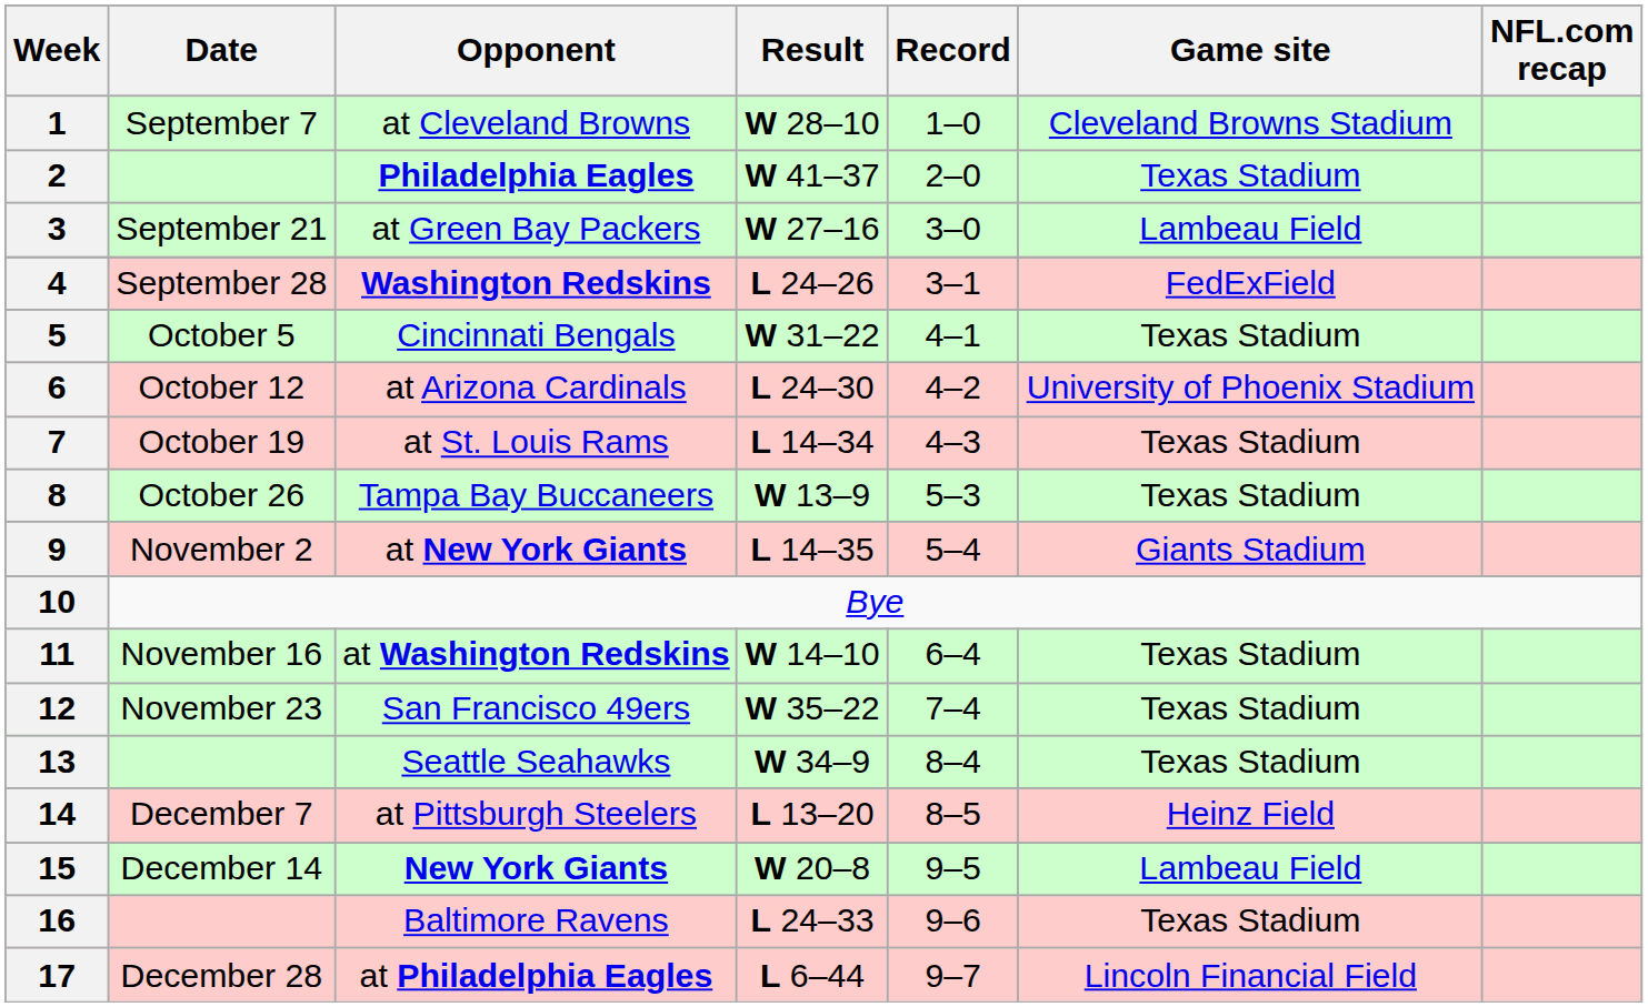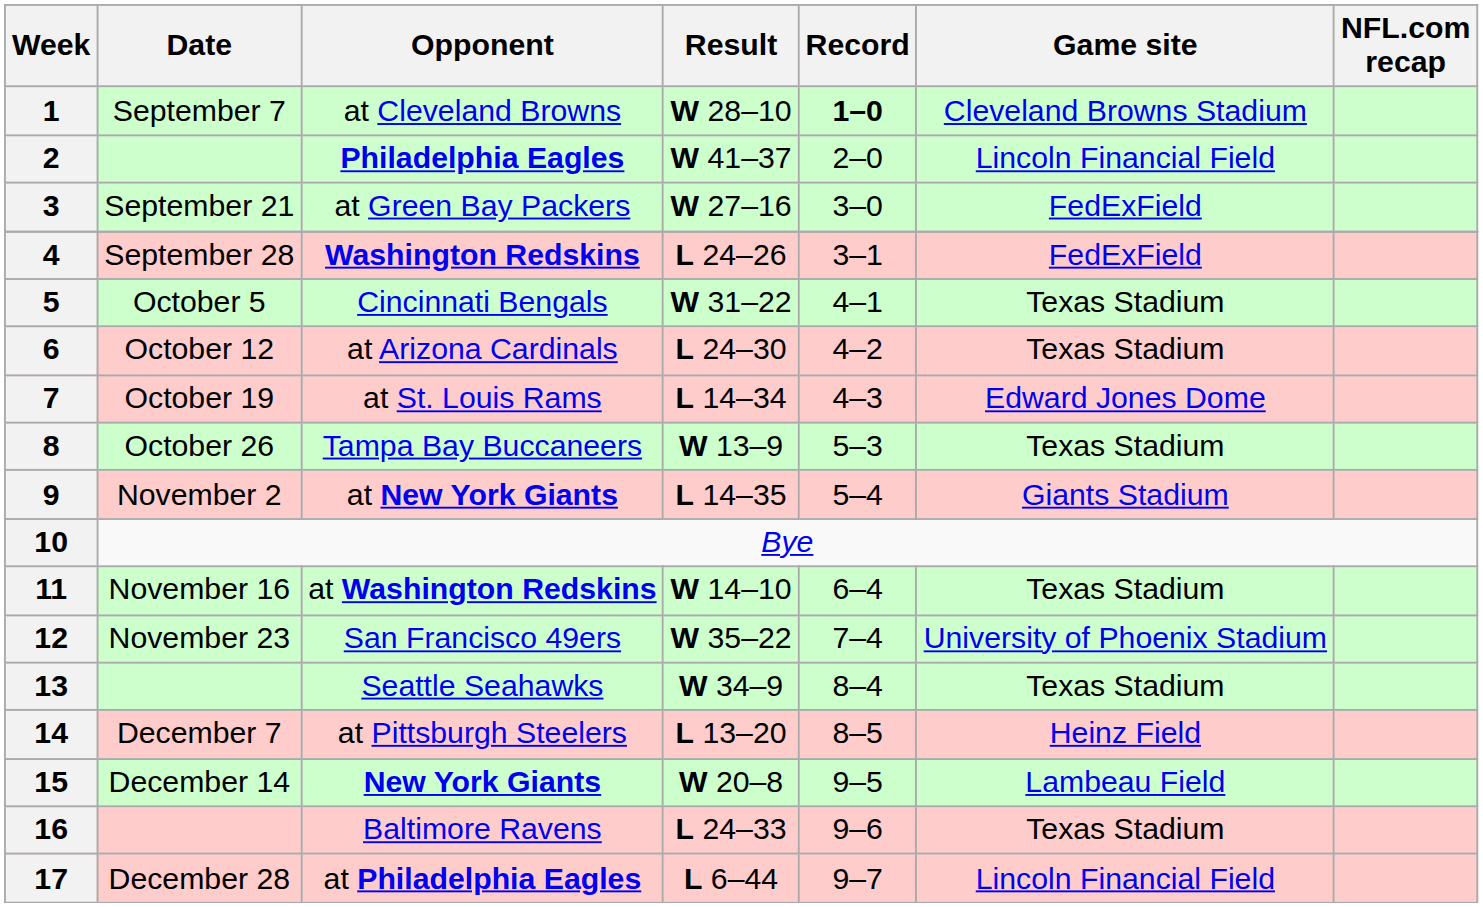 <table class="wikitable" "align=center">
 <tr>
 <th>Week</th>
 <th>Date</th>
 <th>Opponent</th>
 <th>Result</th>
 <th>Record</th>
 <th>Game site</th>
 <th>NFL.com<br>recap</th>
 </tr>
 <tr align="left" bgcolor="#ccffcc">
 <th>1</th>
 <td align=center>September 7</td>
 <td align=center>at <a href='#'>Cleveland Browns</a></td>
 <td align=center><strong>W</strong> 28–10</td>
-<td align=center>1–0</td>
+<td align=center><strong>1–0</strong></td>
 <td align=center><a href='#'>Cleveland Browns Stadium</a></td>
 <td></td>
 </tr>
 <tr align="left" bgcolor="#ccffcc">
 <th>2</th>
 <td align=center></td>
 <td align=center><strong><a href='#'>Philadelphia Eagles</a></strong></td>
 <td align=center><strong>W</strong> 41–37</td>
 <td align=center>2–0</td>
-<td align=center><a href='#'>Texas Stadium</a></td>
+<td align=center><a href='#'>Lincoln Financial Field</a></td>
 <td align=center></td>
 </tr>
 <tr align="left" bgcolor="#ccffcc">
 <th>3</th>
 <td align=center>September 21</td>
 <td align=center>at <a href='#'>Green Bay Packers</a></td>
 <td align=center><strong>W</strong> 27–16</td>
 <td align=center>3–0</td>
-<td align=center><a href='#'>Lambeau Field</a></td>
+<td align=center><a href='#'>FedExField</a></td>
 <td align=center></td>
 </tr>
 <tr>
 </tr>
 <tr align="left" bgcolor="#ffcccc">
 <th>4</th>
 <td align=center>September 28</td>
 <td align=center><strong><a href='#'>Washington Redskins</a></strong></td>
 <td align=center><strong>L</strong>  24–26</td>
 <td align=center>3–1</td>
 <td align=center><a href='#'>FedExField</a></td>
 <td align=center></td>
 </tr>
 <tr align="left" bgcolor="#ccffcc">
 <th>5</th>
 <td align=center>October 5</td>
 <td align=center><a href='#'>Cincinnati Bengals</a></td>
 <td align=center><strong>W</strong> 31–22</td>
 <td align=center>4–1</td>
 <td align=center>Texas Stadium</td>
 <td align=center></td>
 </tr>
 <tr align="left" bgcolor="#ffcccc">
 <th>6</th>
 <td align=center>October 12</td>
 <td align=center>at <a href='#'>Arizona Cardinals</a></td>
 <td align=center><strong>L</strong> 24–30 </td>
 <td align=center>4–2</td>
-<td align=center><a href='#'>University of Phoenix Stadium</a></td>
+<td align=center>Texas Stadium</td>
 <td align=center></td>
 </tr>
 <tr align="left" bgcolor="#ffcccc">
 <th>7</th>
 <td align=center>October 19</td>
 <td align=center>at <a href='#'>St. Louis Rams</a></td>
 <td align=center><strong>L</strong>  14–34</td>
 <td align=center>4–3</td>
-<td align=center>Texas Stadium</td>
+<td align=center><a href='#'>Edward Jones Dome</a></td>
 <td align=center></td>
 </tr>
 <tr align="left" bgcolor="#ccffcc">
 <th>8</th>
 <td align=center>October 26</td>
 <td align=center><a href='#'>Tampa Bay Buccaneers</a></td>
 <td align=center><strong>W</strong> 13–9</td>
 <td align=center>5–3</td>
 <td align=center>Texas Stadium</td>
 <td align=center></td>
 </tr>
 <tr align="left" bgcolor="#ffcccc">
 <th>9</th>
 <td align=center>November 2</td>
 <td align=center>at <strong><a href='#'>New York Giants</a></strong></td>
 <td align=center><strong>L</strong> 14–35</td>
 <td align=center>5–4</td>
 <td align=center><a href='#'>Giants Stadium</a></td>
 <td align=center></td>
 </tr>
 <tr>
 <th>10</th>
 <td colSpan=7 align="center"><em><a href='#'>Bye</a></em></td>
 </tr>
 <tr align="left" bgcolor="#ccffcc">
 <th>11</th>
 <td align=center>November 16</td>
 <td align=center>at  <strong><a href='#'>Washington Redskins</a></strong></td>
 <td align=center><strong>W</strong> 14–10</td>
 <td align=center>6–4</td>
 <td align=center>Texas Stadium</td>
 <td align=center></td>
 </tr>
 <tr align="left" bgcolor="#ccffcc">
 <th>12</th>
 <td align=center>November 23</td>
 <td align=center><a href='#'>San Francisco 49ers</a></td>
 <td align=center><strong>W</strong> 35–22</td>
 <td align=center>7–4</td>
-<td align=center>Texas Stadium</td>
+<td align=center><a href='#'>University of Phoenix Stadium</a></td>
 <td align=center></td>
 </tr>
 <tr align="left" bgcolor="#ccffcc">
 <th>13</th>
 <td align=center></td>
 <td align=center><a href='#'>Seattle Seahawks</a></td>
 <td align=center><strong>W</strong> 34–9</td>
 <td align=center>8–4</td>
 <td align=center>Texas Stadium</td>
 <td align=center></td>
 </tr>
 <tr align="left" bgcolor="#ffcccc">
 <th>14</th>
 <td align=center>December 7</td>
 <td align=center>at <a href='#'>Pittsburgh Steelers</a></td>
 <td align=center><strong>L</strong> 13–20</td>
 <td align=center>8–5</td>
 <td align=center><a href='#'>Heinz Field</a></td>
 <td align=center></td>
 </tr>
 <tr align="left" bgcolor="#ccffcc">
 <th>15</th>
 <td align=center>December 14</td>
 <td align=center><strong><a href='#'>New York Giants</a></strong></td>
 <td align=center><strong>W</strong> 20–8</td>
 <td align=center>9–5</td>
 <td align=center><a href='#'>Lambeau Field</a></td>
 <td align=center></td>
 </tr>
 <tr align="left" bgcolor="#ffcccc">
 <th>16</th>
 <td align=center></td>
 <td align=center><a href='#'>Baltimore Ravens</a></td>
 <td align=center><strong>L</strong>  24–33</td>
 <td align=center>9–6</td>
 <td align=center>Texas Stadium</td>
 <td align=center></td>
 </tr>
 <tr align="left" bgcolor="#ffcccc">
 <th>17</th>
 <td align=center>December 28</td>
 <td align=center>at <strong><a href='#'>Philadelphia Eagles</a></strong></td>
 <td align=center><strong>L</strong> 6–44</td>
 <td align=center>9–7</td>
 <td align=center><a href='#'>Lincoln Financial Field</a></td>
 <td align=center></td>
 </tr>
 </table>
